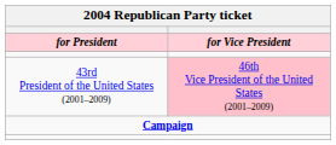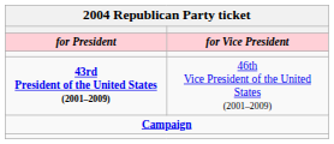 <table class="wikitable" style="font-size:90%; text-align:center;">
 <tr>
 <td style="background:#F1F1F1;" colspan="30"><big><strong>2004 Republican Party ticket</strong></big></td>
 </tr>
 <tr>
 <th style="width:3em; font-size:135%; background:"><a href='#'></a></th>
 <th style="width:3em; font-size:135%; background:"><a href='#'></a></th>
 </tr>
 <tr style="color:#000; font-size:100%; background:#FFD0D7;">
 <td style="width:3em; width:200px;"><strong><em>for President</em></strong></td>
 <td style="width:3em; width:200px;"><strong><em>for Vice President</em></strong></td>
 </tr>
 <tr>
 <td></td>
 <td></td>
 </tr>
 <tr>
-<td><a href='#'>43rd</a><br><a href='#'>President of the United States</a><br><small>(2001–2009)</small></td>
-<td style="background: pink;"><a href='#'>46th</a><br><a href='#'>Vice President of the United States</a><br><small>(2001–2009)</small></td>
+<td><strong><a href='#'>43rd</a><br><a href='#'>President of the United States</a><br><small>(2001–2009)</small></strong></td>
+<td><a href='#'>46th</a><br><a href='#'>Vice President of the United States</a><br><small>(2001–2009)</small></td>
 </tr>
 <tr>
 <td colspan=2><a href='#'><strong>Campaign</strong></a></td>
 </tr>
 <tr>
 <td colspan=2></td>
 </tr>
 </table>
